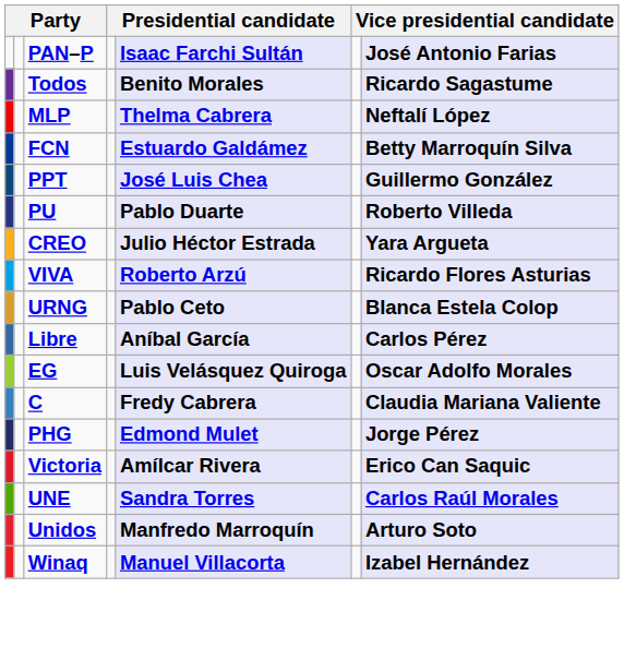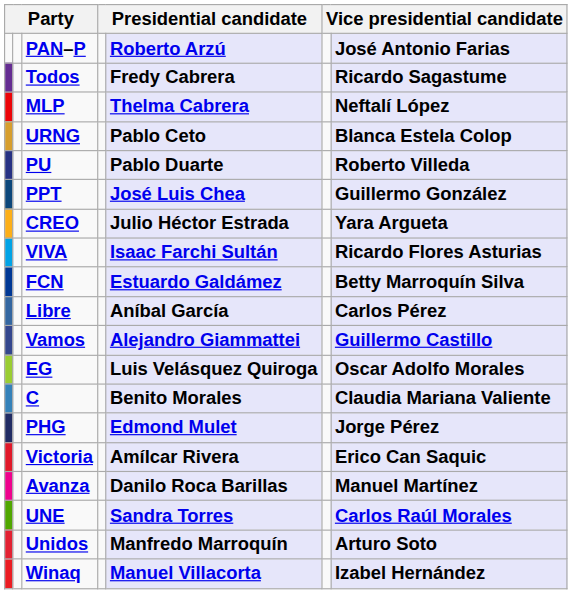 <table class="wikitable">
 <tr style="background:#efefef;">
 <th colspan=3>Party</th>
 <th colspan=2>Presidential candidate</th>
 <th colspan=2>Vice presidential candidate</th>
 </tr>
 <tr>
 <td style="background-color:"></td>
 <td></td>
 <td><strong><a href='#'>PAN</a>–<a href='#'>P</a></strong></td>
 <td></td>
-<td style="background:lavender;"><strong><a href='#'>Isaac Farchi Sultán</a></strong></td>
+<td style="background:lavender;"><strong><a href='#'>Roberto Arzú</a></strong></td>
 <td></td>
 <td style="background:lavender;"><strong> José Antonio Farias </strong></td>
 </tr>
 <tr>
 <td style="background-color:#652D92;"></td>
 <td></td>
 <td><strong><a href='#'>Todos</a></strong></td>
 <td></td>
-<td style="background:lavender;"><strong>Benito Morales</strong></td>
+<td style="background:lavender;"><strong>Fredy Cabrera</strong></td>
 <td></td>
 <td style="background:lavender;"><strong>Ricardo Sagastume</strong></td>
 </tr>
 <tr>
 <td style="background-color:#EC0408;"></td>
 <td></td>
 <td><strong><a href='#'>MLP</a></strong></td>
 <td></td>
 <td style="background:lavender;"><strong><a href='#'>Thelma Cabrera</a></strong></td>
 <td></td>
 <td style="background:lavender;"><strong>Neftalí López</strong></td>
 </tr>
 <tr>
-<td style="background-color:#003895;"></td>
+<td style="background-color:#D79E2D;"></td>
 <td></td>
-<td><strong><a href='#'>FCN</a></strong></td>
+<td><strong><a href='#'>URNG</a></strong></td>
 <td></td>
-<td style="background:lavender;"><strong><a href='#'>Estuardo Galdámez</a></strong> </td>
+<td style="background:lavender;"><strong>Pablo Ceto</strong></td>
 <td></td>
-<td style="background:lavender;"><strong> Betty Marroquín Silva </strong></td>
+<td style="background:lavender;"><strong> Blanca Estela Colop </strong></td>
+</tr>
+<tr>
+<td style="background-color:#273284;"></td>
+<td></td>
+<td><strong><a href='#'>PU</a></strong></td>
+<td></td>
+<td style="background:lavender;"><strong>Pablo Duarte</strong></td>
+<td></td>
+<td style="background:lavender;"><strong> Roberto Villeda </strong></td>
 </tr>
 <tr>
 <td style="background-color:#0C477B;"></td>
 <td></td>
 <td><strong><a href='#'>PPT</a></strong></td>
 <td></td>
 <td style="background:lavender;"><strong><a href='#'>José Luis Chea</a></strong></td>
 <td></td>
 <td style="background:lavender;"><strong> Guillermo González </strong></td>
-</tr>
-<tr>
-<td style="background-color:#273284;"></td>
-<td></td>
-<td><strong><a href='#'>PU</a></strong></td>
-<td></td>
-<td style="background:lavender;"><strong>Pablo Duarte</strong></td>
-<td></td>
-<td style="background:lavender;"><strong> Roberto Villeda </strong></td>
 </tr>
 <tr>
 <td style="background-color:#FDAF17;"></td>
 <td></td>
 <td><strong><a href='#'>CREO</a></strong></td>
 <td></td>
 <td style="background:lavender;"><strong>Julio Héctor Estrada</strong></td>
 <td></td>
 <td style="background:lavender;"><strong>Yara Argueta</strong></td>
 </tr>
 <tr>
 <td style="background-color:#00A3E6;"></td>
 <td></td>
 <td><strong><a href='#'>VIVA</a></strong></td>
 <td></td>
-<td style="background:lavender;"><strong><a href='#'>Roberto Arzú</a></strong></td>
+<td style="background:lavender;"><strong><a href='#'>Isaac Farchi Sultán</a></strong></td>
 <td></td>
 <td style="background:lavender;"><strong> Ricardo Flores Asturias </strong></td>
 </tr>
 <tr>
-<td style="background-color:#D79E2D;"></td>
+<td style="background-color:#003895;"></td>
 <td></td>
-<td><strong><a href='#'>URNG</a></strong></td>
+<td><strong><a href='#'>FCN</a></strong></td>
 <td></td>
-<td style="background:lavender;"><strong>Pablo Ceto</strong></td>
+<td style="background:lavender;"><strong><a href='#'>Estuardo Galdámez</a></strong> </td>
 <td></td>
-<td style="background:lavender;"><strong> Blanca Estela Colop </strong></td>
+<td style="background:lavender;"><strong> Betty Marroquín Silva </strong></td>
 </tr>
 <tr>
 <td style="background-color:#3467A1;"></td>
 <td></td>
 <td><strong><a href='#'>Libre</a></strong></td>
 <td></td>
 <td style="background:lavender;"><strong>Aníbal García</strong></td>
 <td></td>
 <td style="background:lavender;"><strong> Carlos Pérez </strong></td>
+</tr>
+<tr>
+<td style="background-color:#34478E;"></td>
+<td></td>
+<td><strong><a href='#'>Vamos</a></strong></td>
+<td></td>
+<td style="background:lavender;"><strong><a href='#'>Alejandro Giammattei</a></strong><br></td>
+<td></td>
+<td style="background:lavender;"><strong><a href='#'>Guillermo Castillo</a></strong></td>
 </tr>
 <tr>
 <td style="background-color:#9ACD32;"></td>
 <td></td>
 <td><strong><a href='#'>EG</a></strong></td>
 <td></td>
 <td style="background:lavender;"><strong>Luis Velásquez Quiroga</strong></td>
 <td></td>
 <td style="background:lavender;"><strong> Oscar Adolfo Morales </strong></td>
 </tr>
 <tr>
 <td style="background-color:#3481B9;"></td>
 <td></td>
 <td><strong><a href='#'>C</a></strong></td>
 <td></td>
-<td style="background:lavender;"><strong>Fredy Cabrera</strong></td>
+<td style="background:lavender;"><strong>Benito Morales</strong></td>
 <td></td>
 <td style="background:lavender;"><strong> Claudia Mariana Valiente </strong></td>
 </tr>
 <tr>
 <td style="background-color:#212C64;"></td>
 <td></td>
 <td><strong><a href='#'>PHG</a></strong></td>
 <td></td>
 <td style="background:lavender;"><strong><a href='#'>Edmond Mulet</a></strong></td>
 <td></td>
 <td style="background:lavender;"><strong> Jorge Pérez </strong></td>
 </tr>
 <tr>
 <td style="background-color:#E11829;"></td>
 <td></td>
 <td><strong><a href='#'>Victoria</a></strong></td>
 <td></td>
 <td style="background:lavender;"><strong>Amílcar Rivera</strong></td>
 <td></td>
 <td style="background:lavender;"><strong> Erico Can Saquic </strong></td>
+</tr>
+<tr>
+<td style="background-color:#EF018D;"></td>
+<td></td>
+<td><strong><a href='#'>Avanza</a></strong></td>
+<td></td>
+<td style="background:lavender;"><strong> Danilo Roca Barillas </strong></td>
+<td></td>
+<td style="background:lavender;"><strong> Manuel Martínez </strong></td>
 </tr>
 <tr>
 <td style="background-color:#50A700;"></td>
 <td></td>
 <td><strong><a href='#'>UNE</a></strong></td>
 <td></td>
 <td style="background:lavender;"><strong><a href='#'>Sandra Torres</a></strong></td>
 <td></td>
 <td style="background:lavender;"><strong><a href='#'>Carlos Raúl Morales</a></strong></td>
 </tr>
 <tr>
 <td style="background-color:#E32132;"></td>
 <td></td>
 <td><strong><a href='#'>Unidos</a></strong></td>
 <td></td>
 <td style="background:lavender;"><strong>Manfredo Marroquín</strong></td>
 <td></td>
 <td style="background:lavender;"><strong> Arturo Soto </strong></td>
 </tr>
 <tr>
 <td style="background-color:#EB1C22;"></td>
 <td></td>
 <td><strong><a href='#'>Winaq</a></strong></td>
 <td></td>
 <td style="background:lavender;"><strong><a href='#'>Manuel Villacorta</a></strong></td>
 <td></td>
 <td style="background:lavender;"><strong> Izabel Hernández </strong></td>
 </tr>
 </table>
